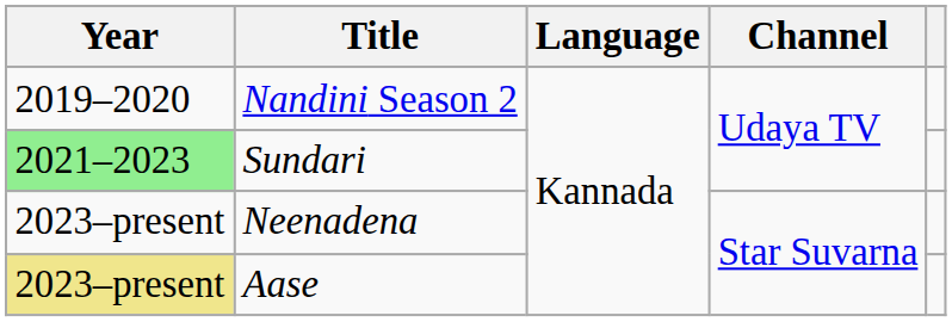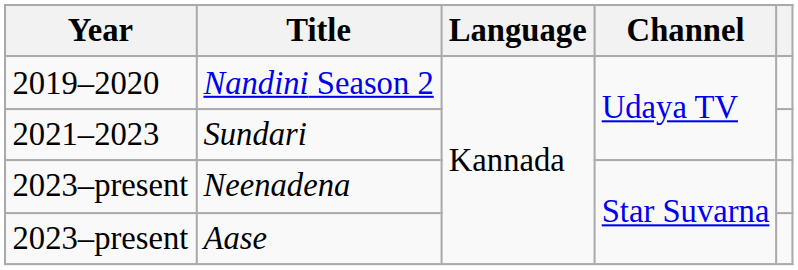 <table class="wikitable sortable">
 <tr>
 <th scope="col">Year</th>
 <th scope="col">Title</th>
 <th scope="col">Language</th>
 <th scope="col">Channel</th>
 <th scope="col" class="unsortable"></th>
 </tr>
 <tr>
 <td>2019–2020</td>
 <td><a href='#'><em>Nandini</em> Season 2</a></td>
 <td rowspan="4">Kannada</td>
 <td rowspan=2><a href='#'>Udaya TV</a></td>
 <td></td>
 </tr>
 <tr>
-<td style="background: lightgreen;">2021–2023</td>
+<td>2021–2023</td>
 <td><em>Sundari</em></td>
 <td></td>
 </tr>
 <tr>
 <td>2023–present</td>
 <td><em>Neenadena</em></td>
 <td rowspan="2"><a href='#'>Star Suvarna</a></td>
 <td></td>
 </tr>
 <tr>
-<td style="background: khaki;">2023–present</td>
+<td>2023–present</td>
 <td><em>Aase</em></td>
 <td></td>
 </tr>
 </table>
